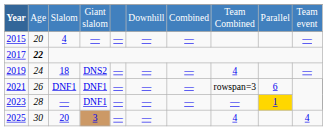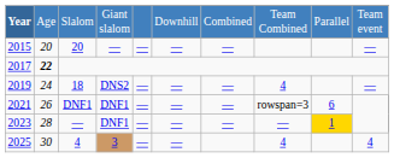 <table class="wikitable" style="font-size:95%; text-align:center; border:grey solid 1px; border-collapse:collapse;" width="40%">
 <tr style="background-color:#369; color:white;">
 <td rowspan="2" colspan="1" width="4%"><strong>Year</strong></td>
 </tr>
 <tr style="background-color:#4180be; color:white;">
 <td width="3%">Age</td>
 <td width="5%">Slalom</td>
 <td width="5%">Giant<br>slalom</td>
 <td width="5%"></td>
 <td width="5%">Downhill</td>
 <td width="5%">Combined</td>
 <td width="5%">Team Combined</td>
 <td width="5%">Parallel</td>
 <td width="5%">Team<br> event </td>
 </tr>
 <tr style="background-color:#8CB2D8; color:white;">
 </tr>
 <tr>
 <td><a href='#'>2015</a></td>
 <td><em>20</em></td>
-<td><a href='#'>4</a></td>
+<td><a href='#'>20</a></td>
 <td><a href='#'>—</a></td>
 <td><a href='#'>—</a></td>
 <td><a href='#'>—</a></td>
 <td><a href='#'>—</a></td>
 <td></td>
 <td></td>
 <td><a href='#'>—</a></td>
 </tr>
 <tr>
 <td><a href='#'>2017</a></td>
 <td><strong><em>22</em></strong></td>
 <td colspan=8></td>
 </tr>
 <tr>
 <td><a href='#'>2019</a></td>
 <td><em>24</em></td>
 <td><a href='#'>18</a></td>
 <td><a href='#'>DNS2</a></td>
 <td><a href='#'>—</a></td>
 <td><a href='#'>—</a></td>
 <td><a href='#'>—</a></td>
 <td><a href='#'>4</a></td>
 <td></td>
 <td><a href='#'>—</a></td>
 </tr>
 <tr>
 <td><a href='#'>2021</a></td>
 <td><em>26</em></td>
 <td><a href='#'>DNF1</a></td>
 <td><a href='#'>DNF1</a></td>
 <td><a href='#'>—</a></td>
 <td><a href='#'>—</a></td>
 <td><a href='#'>—</a></td>
 <td>rowspan=3</td>
 <td><a href='#'>6</a></td>
 </tr>
 <tr>
 <td><a href='#'>2023</a></td>
 <td><em>28</em></td>
 <td><a href='#'>—</a></td>
 <td><a href='#'>DNF1</a></td>
 <td><a href='#'>—</a></td>
 <td><a href='#'>—</a></td>
 <td><a href='#'>—</a></td>
 <td><a href='#'>—</a></td>
 <td style="background:gold;"><a href='#'>1</a></td>
 </tr>
 <tr>
 <td><a href='#'>2025</a></td>
 <td><em>30</em></td>
-<td><a href='#'>20</a></td>
+<td><a href='#'>4</a></td>
 <td bgcolor=cc9966><a href='#'>3</a></td>
 <td><a href='#'>—</a></td>
 <td><a href='#'>—</a></td>
 <td></td>
 <td><a href='#'>4</a></td>
 <td></td>
 <td><a href='#'>4</a></td>
 </tr>
 </table>
